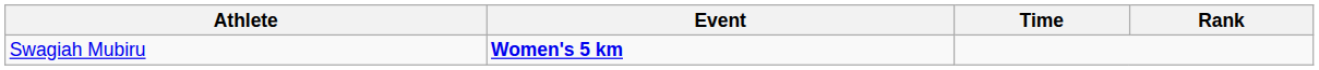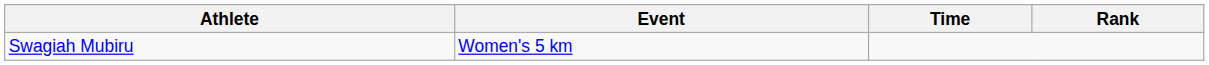 <table class="wikitable" style="text-align:center; font-size:90%; width:50%;">
 <tr>
 <th>Athlete</th>
 <th>Event</th>
 <th>Time</th>
 <th>Rank</th>
 </tr>
 <tr>
 <td align=left><a href='#'>Swagiah Mubiru</a></td>
-<td align=left><strong><a href='#'>Women's 5 km</a></strong></td>
+<td align=left><a href='#'>Women's 5 km</a></td>
 <td colspan=2></td>
 </tr>
 </table>
